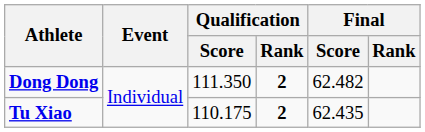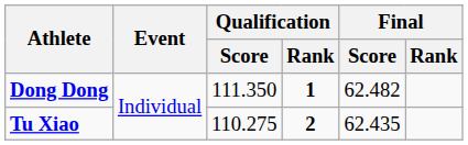 <table class="wikitable"  style="text-align:left; font-size:90%; display:inline-table;">
 <tr>
 <th rowspan=2>Athlete</th>
 <th rowspan=2>Event</th>
 <th colspan=2>Qualification</th>
 <th colspan=2>Final</th>
 </tr>
 <tr>
 <th>Score</th>
 <th>Rank</th>
 <th>Score</th>
 <th>Rank</th>
 </tr>
 <tr>
 <td><strong><a href='#'>Dong Dong</a></strong></td>
 <td rowspan=2><a href='#'>Individual</a></td>
 <td align=center>111.350</td>
-<td align=center><strong>2 </strong></td>
+<td align=center><strong>1 </strong></td>
 <td align=center>62.482</td>
 <td align=center></td>
 </tr>
 <tr>
 <td><strong><a href='#'>Tu Xiao</a></strong></td>
-<td align=center>110.175</td>
+<td align=center>110.275</td>
 <td align=center><strong>2 </strong></td>
 <td align=center>62.435</td>
 <td align=center></td>
 </tr>
 </table>
